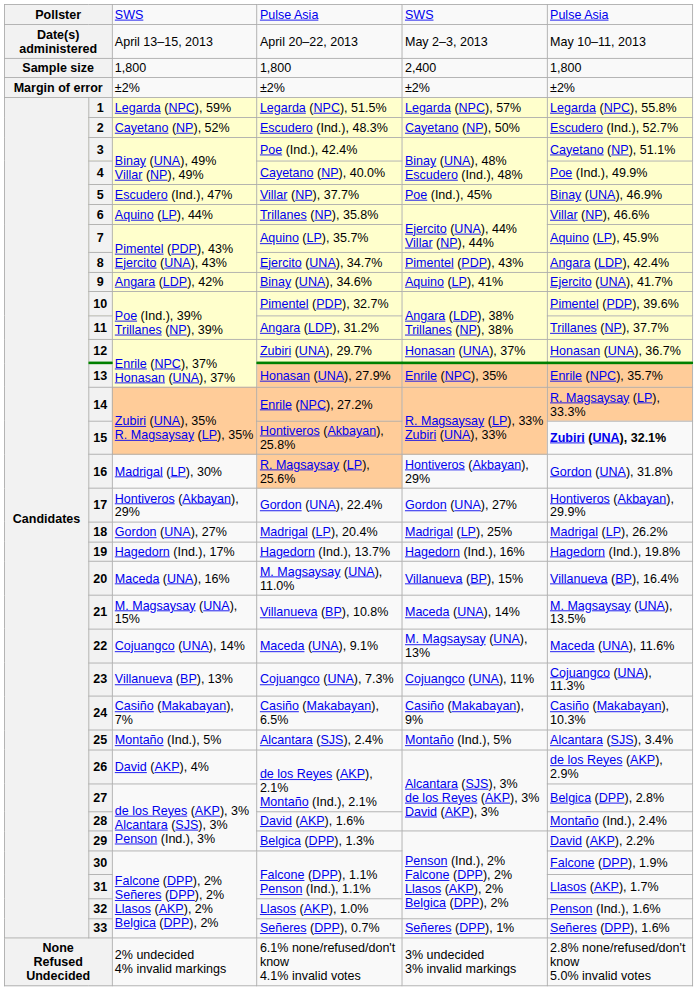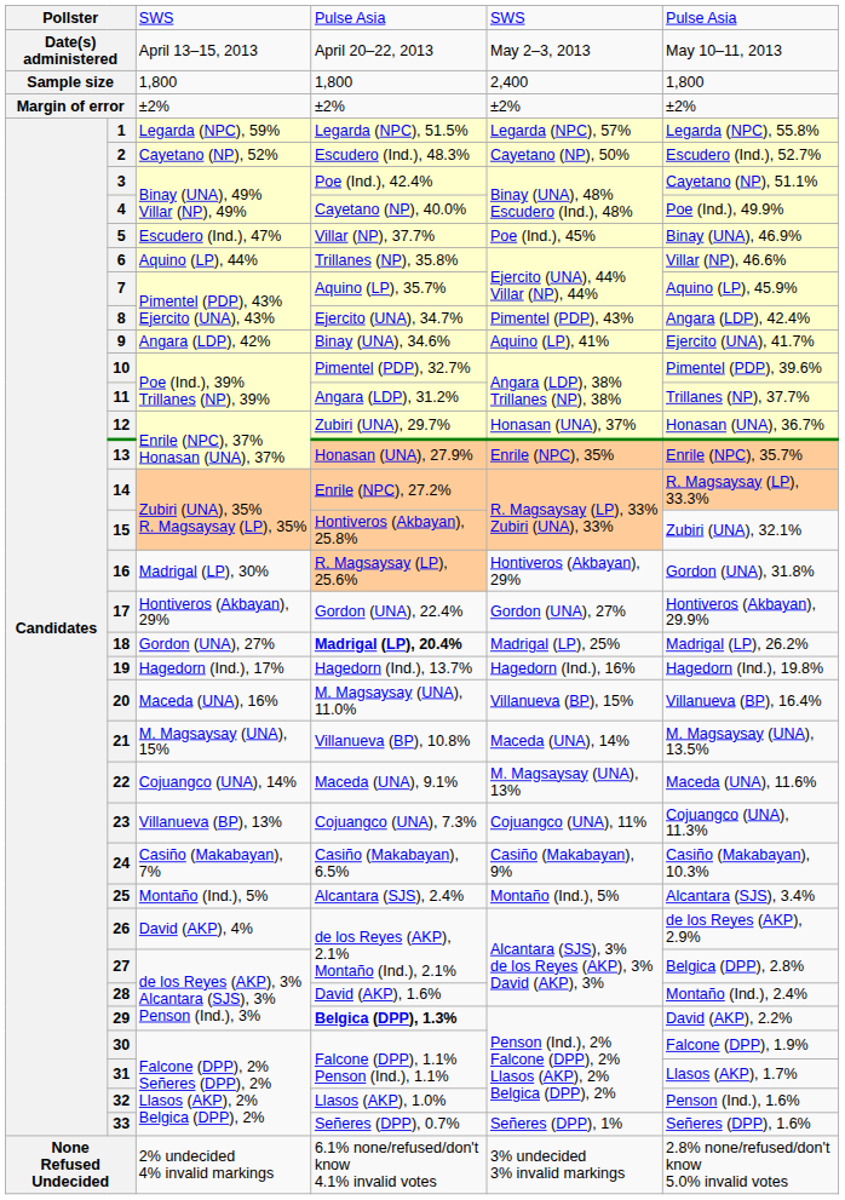 <table class=wikitable style="font-size:90%;">
 <tr>
 <th colspan=2>Pollster</th>
 <td width=160px><a href='#'>SWS</a></td>
 <td width=160px><a href='#'>Pulse Asia</a></td>
 <td width=160px><a href='#'>SWS</a></td>
 <td width=160px><a href='#'>Pulse Asia</a></td>
 </tr>
 <tr>
 <th colspan=2>Date(s) administered</th>
 <td>April 13–15, 2013</td>
 <td>April 20–22, 2013</td>
 <td>May 2–3, 2013</td>
 <td>May 10–11, 2013</td>
 </tr>
 <tr>
 <th colspan=2>Sample size</th>
 <td>1,800</td>
 <td>1,800</td>
 <td>2,400</td>
 <td>1,800</td>
 </tr>
 <tr>
 <th colspan=2>Margin of error</th>
 <td>±2%</td>
 <td>±2%</td>
 <td>±2%</td>
 <td>±2%</td>
 </tr>
 <tr bgcolor=#FFFFCC>
 <th width=90px rowspan=33>Candidates</th>
 <th width=20px>1</th>
 <td> <a href='#'>Legarda</a> (<a href='#'>NPC</a>), 59%</td>
 <td> <a href='#'>Legarda</a> (<a href='#'>NPC</a>), 51.5%</td>
 <td> <a href='#'>Legarda</a> (<a href='#'>NPC</a>), 57%</td>
 <td> <a href='#'>Legarda</a> (<a href='#'>NPC</a>), 55.8%</td>
 </tr>
 <tr bgcolor=#FFFFCC>
 <th>2</th>
 <td> <a href='#'>Cayetano</a> (<a href='#'>NP</a>), 52%</td>
 <td> <a href='#'>Escudero</a> (Ind.), 48.3%</td>
 <td> <a href='#'>Cayetano</a> (<a href='#'>NP</a>), 50%</td>
 <td> <a href='#'>Escudero</a> (Ind.), 52.7%</td>
 </tr>
 <tr bgcolor=#FFFFCC>
 <th>3</th>
 <td rowspan=2><br> <a href='#'>Binay</a> (<a href='#'>UNA</a>), 49%<br>  <a href='#'>Villar</a> (<a href='#'>NP</a>), 49%</td>
 <td> <a href='#'>Poe</a> (Ind.), 42.4%</td>
 <td rowspan=2><br> <a href='#'>Binay</a> (<a href='#'>UNA</a>), 48%<br>  <a href='#'>Escudero</a> (Ind.), 48%</td>
 <td> <a href='#'>Cayetano</a> (<a href='#'>NP</a>), 51.1%</td>
 </tr>
 <tr bgcolor=#FFFFCC>
 <th>4</th>
 <td> <a href='#'>Cayetano</a> (<a href='#'>NP</a>), 40.0%</td>
 <td> <a href='#'>Poe</a> (Ind.), 49.9%</td>
 </tr>
 <tr bgcolor=#FFFFCC>
 <th>5</th>
 <td> <a href='#'>Escudero</a> (Ind.), 47%</td>
 <td> <a href='#'>Villar</a> (<a href='#'>NP</a>), 37.7%</td>
 <td> <a href='#'>Poe</a> (Ind.), 45%</td>
 <td> <a href='#'>Binay</a> (<a href='#'>UNA</a>), 46.9%</td>
 </tr>
 <tr bgcolor=#FFFFCC>
 <th>6</th>
 <td> <a href='#'>Aquino</a> (<a href='#'>LP</a>), 44%</td>
 <td> <a href='#'>Trillanes</a> (<a href='#'>NP</a>), 35.8%</td>
 <td rowspan=2><br> <a href='#'>Ejercito</a> (<a href='#'>UNA</a>), 44%<br>  <a href='#'>Villar</a> (<a href='#'>NP</a>), 44%</td>
 <td> <a href='#'>Villar</a> (<a href='#'>NP</a>), 46.6%</td>
 </tr>
 <tr bgcolor=#FFFFCC>
 <th>7</th>
 <td rowspan=2><br> <a href='#'>Pimentel</a> (<a href='#'>PDP</a>), 43%<br>  <a href='#'>Ejercito</a> (<a href='#'>UNA</a>), 43%<br></td>
 <td> <a href='#'>Aquino</a> (<a href='#'>LP</a>), 35.7%</td>
 <td> <a href='#'>Aquino</a> (<a href='#'>LP</a>), 45.9%</td>
 </tr>
 <tr bgcolor=#FFFFCC>
 <th>8</th>
 <td> <a href='#'>Ejercito</a> (<a href='#'>UNA</a>), 34.7%</td>
 <td> <a href='#'>Pimentel</a> (<a href='#'>PDP</a>), 43%</td>
 <td> <a href='#'>Angara</a> (<a href='#'>LDP</a>), 42.4%</td>
 </tr>
 <tr bgcolor=#FFFFCC>
 <th>9</th>
 <td> <a href='#'>Angara</a> (<a href='#'>LDP</a>), 42%</td>
 <td> <a href='#'>Binay</a> (<a href='#'>UNA</a>), 34.6%</td>
 <td> <a href='#'>Aquino</a> (<a href='#'>LP</a>), 41%</td>
 <td> <a href='#'>Ejercito</a> (<a href='#'>UNA</a>), 41.7%</td>
 </tr>
 <tr bgcolor=#FFFFCC>
 <th>10</th>
 <td rowspan=2><br> <a href='#'>Poe</a> (Ind.), 39%<br>  <a href='#'>Trillanes</a> (<a href='#'>NP</a>), 39%</td>
 <td> <a href='#'>Pimentel</a> (<a href='#'>PDP</a>), 32.7%</td>
 <td rowspan=2><br> <a href='#'>Angara</a> (<a href='#'>LDP</a>), 38%<br>  <a href='#'>Trillanes</a> (<a href='#'>NP</a>), 38%</td>
 <td> <a href='#'>Pimentel</a> (<a href='#'>PDP</a>), 39.6%</td>
 </tr>
 <tr bgcolor=#FFFFCC>
 <th>11</th>
 <td> <a href='#'>Angara</a> (<a href='#'>LDP</a>), 31.2%</td>
 <td> <a href='#'>Trillanes</a> (<a href='#'>NP</a>), 37.7%</td>
 </tr>
 <tr bgcolor=#FFFFCC>
 <th>12</th>
 <td rowspan=2><br> <a href='#'>Enrile</a> (<a href='#'>NPC</a>), 37%<br>  <a href='#'>Honasan</a> (<a href='#'>UNA</a>), 37%</td>
 <td> <a href='#'>Zubiri</a> (<a href='#'>UNA</a>), 29.7%</td>
 <td> <a href='#'>Honasan</a> (<a href='#'>UNA</a>), 37%</td>
 <td> <a href='#'>Honasan</a> (<a href='#'>UNA</a>), 36.7%</td>
 </tr>
 <tr style="border-top:3px solid green;">
 <th>13</th>
 <td bgcolor=#ffcc99> <a href='#'>Honasan</a> (<a href='#'>UNA</a>), 27.9%</td>
 <td bgcolor=#ffcc99> <a href='#'>Enrile</a> (<a href='#'>NPC</a>), 35%</td>
 <td bgcolor=#ffcc99> <a href='#'>Enrile</a> (<a href='#'>NPC</a>), 35.7%</td>
 </tr>
 <tr>
 <th>14</th>
 <td bgcolor=#ffcc99 rowspan=2><br> <a href='#'>Zubiri</a> (<a href='#'>UNA</a>), 35%<br>  <a href='#'>R. Magsaysay</a> (<a href='#'>LP</a>), 35%</td>
 <td bgcolor=#ffcc99> <a href='#'>Enrile</a> (<a href='#'>NPC</a>), 27.2%</td>
 <td bgcolor=#ffcc99 rowspan=2><br> <a href='#'>R. Magsaysay</a> (<a href='#'>LP</a>), 33%<br>  <a href='#'>Zubiri</a> (<a href='#'>UNA</a>), 33%</td>
 <td bgcolor=#ffcc99> <a href='#'>R. Magsaysay</a> (<a href='#'>LP</a>), 33.3%</td>
 </tr>
 <tr>
 <th>15</th>
 <td bgcolor=#ffcc99> <a href='#'>Hontiveros</a> (<a href='#'>Akbayan</a>), 25.8%</td>
-<td><strong> <a href='#'>Zubiri</a> (<a href='#'>UNA</a>), 32.1%</strong></td>
+<td> <a href='#'>Zubiri</a> (<a href='#'>UNA</a>), 32.1%</td>
 </tr>
 <tr>
 <th>16</th>
 <td> <a href='#'>Madrigal</a> (<a href='#'>LP</a>), 30%</td>
 <td bgcolor=#ffcc99> <a href='#'>R. Magsaysay</a> (<a href='#'>LP</a>), 25.6%</td>
 <td> <a href='#'>Hontiveros</a> (<a href='#'>Akbayan</a>), 29%</td>
 <td> <a href='#'>Gordon</a> (<a href='#'>UNA</a>), 31.8%</td>
 </tr>
 <tr>
 <th>17</th>
 <td> <a href='#'>Hontiveros</a> (<a href='#'>Akbayan</a>), 29%</td>
 <td> <a href='#'>Gordon</a> (<a href='#'>UNA</a>), 22.4%</td>
 <td> <a href='#'>Gordon</a> (<a href='#'>UNA</a>), 27%</td>
 <td> <a href='#'>Hontiveros</a> (<a href='#'>Akbayan</a>), 29.9%</td>
 </tr>
 <tr>
 <th>18</th>
 <td> <a href='#'>Gordon</a> (<a href='#'>UNA</a>), 27%</td>
-<td> <a href='#'>Madrigal</a> (<a href='#'>LP</a>), 20.4%</td>
+<td><strong> <a href='#'>Madrigal</a> (<a href='#'>LP</a>), 20.4%</strong></td>
 <td> <a href='#'>Madrigal</a> (<a href='#'>LP</a>), 25%</td>
 <td> <a href='#'>Madrigal</a> (<a href='#'>LP</a>), 26.2%</td>
 </tr>
 <tr>
 <th>19</th>
 <td> <a href='#'>Hagedorn</a> (Ind.), 17%</td>
 <td> <a href='#'>Hagedorn</a> (Ind.), 13.7%</td>
 <td> <a href='#'>Hagedorn</a> (Ind.), 16%</td>
 <td> <a href='#'>Hagedorn</a> (Ind.), 19.8%</td>
 </tr>
 <tr>
 <th>20</th>
 <td> <a href='#'>Maceda</a> (<a href='#'>UNA</a>), 16%</td>
 <td> <a href='#'>M. Magsaysay</a> (<a href='#'>UNA</a>), 11.0%</td>
 <td> <a href='#'>Villanueva</a> (<a href='#'>BP</a>), 15%</td>
 <td> <a href='#'>Villanueva</a> (<a href='#'>BP</a>), 16.4%</td>
 </tr>
 <tr>
 <th>21</th>
 <td> <a href='#'>M. Magsaysay</a> (<a href='#'>UNA</a>), 15%</td>
 <td> <a href='#'>Villanueva</a> (<a href='#'>BP</a>), 10.8%</td>
 <td> <a href='#'>Maceda</a> (<a href='#'>UNA</a>), 14%</td>
 <td> <a href='#'>M. Magsaysay</a> (<a href='#'>UNA</a>), 13.5%</td>
 </tr>
 <tr>
 <th>22</th>
 <td> <a href='#'>Cojuangco</a> (<a href='#'>UNA</a>), 14%</td>
 <td> <a href='#'>Maceda</a> (<a href='#'>UNA</a>), 9.1%</td>
 <td> <a href='#'>M. Magsaysay</a> (<a href='#'>UNA</a>), 13%</td>
 <td> <a href='#'>Maceda</a> (<a href='#'>UNA</a>), 11.6%</td>
 </tr>
 <tr>
 <th>23</th>
 <td> <a href='#'>Villanueva</a> (<a href='#'>BP</a>), 13%</td>
 <td> <a href='#'>Cojuangco</a> (<a href='#'>UNA</a>), 7.3%</td>
 <td> <a href='#'>Cojuangco</a> (<a href='#'>UNA</a>), 11%</td>
 <td> <a href='#'>Cojuangco</a> (<a href='#'>UNA</a>), 11.3%</td>
 </tr>
 <tr>
 <th>24</th>
 <td> <a href='#'>Casiño</a>  (<a href='#'>Makabayan</a>), 7%</td>
 <td> <a href='#'>Casiño</a>  (<a href='#'>Makabayan</a>), 6.5%</td>
 <td> <a href='#'>Casiño</a>  (<a href='#'>Makabayan</a>), 9%</td>
 <td> <a href='#'>Casiño</a>  (<a href='#'>Makabayan</a>), 10.3%</td>
 </tr>
 <tr>
 <th>25</th>
 <td> <a href='#'>Montaño</a> (Ind.), 5%</td>
 <td><a href='#'>Alcantara</a> (<a href='#'>SJS</a>), 2.4%</td>
 <td> <a href='#'>Montaño</a> (Ind.), 5%</td>
 <td><a href='#'>Alcantara</a> (<a href='#'>SJS</a>), 3.4%</td>
 </tr>
 <tr>
 <th>26</th>
 <td> <a href='#'>David</a> (<a href='#'>AKP</a>), 4%</td>
 <td rowspan=2><br> <a href='#'>de los Reyes</a> (<a href='#'>AKP</a>), 2.1%<br>  <a href='#'>Montaño</a> (Ind.), 2.1%</td>
 <td rowspan=3><br><a href='#'>Alcantara</a> (<a href='#'>SJS</a>), 3%<br>  <a href='#'>de los Reyes</a> (<a href='#'>AKP</a>), 3%<br>  <a href='#'>David</a> (<a href='#'>AKP</a>), 3%</td>
 <td> <a href='#'>de los Reyes</a> (<a href='#'>AKP</a>), 2.9%</td>
 </tr>
 <tr>
 <th>27</th>
 <td rowspan=3><br> <a href='#'>de los Reyes</a> (<a href='#'>AKP</a>), 3%<br> <a href='#'>Alcantara</a> (<a href='#'>SJS</a>), 3%<br>  <a href='#'>Penson</a> (Ind.), 3%</td>
 <td> <a href='#'>Belgica</a> (<a href='#'>DPP</a>), 2.8%</td>
 </tr>
 <tr>
 <th>28</th>
 <td> <a href='#'>David</a> (<a href='#'>AKP</a>), 1.6%</td>
 <td> <a href='#'>Montaño</a> (Ind.), 2.4%</td>
 </tr>
 <tr>
 <th>29</th>
-<td> <a href='#'>Belgica</a> (<a href='#'>DPP</a>), 1.3%</td>
+<td><strong> <a href='#'>Belgica</a> (<a href='#'>DPP</a>), 1.3%</strong></td>
 <td rowspan=4><br> <a href='#'>Penson</a> (Ind.), 2%<br>  <a href='#'>Falcone</a> (<a href='#'>DPP</a>), 2%<br>  <a href='#'>Llasos</a> (<a href='#'>AKP</a>), 2%<br>  <a href='#'>Belgica</a> (<a href='#'>DPP</a>), 2%</td>
 <td> <a href='#'>David</a> (<a href='#'>AKP</a>), 2.2%</td>
 </tr>
 <tr>
 <th>30</th>
 <td rowspan=4><br> <a href='#'>Falcone</a> (<a href='#'>DPP</a>), 2%<br>  <a href='#'>Señeres</a> (<a href='#'>DPP</a>), 2%<br>  <a href='#'>Llasos</a> (<a href='#'>AKP</a>), 2%<br>  <a href='#'>Belgica</a> (<a href='#'>DPP</a>), 2%</td>
 <td rowspan=2><br> <a href='#'>Falcone</a> (<a href='#'>DPP</a>), 1.1%<br>  <a href='#'>Penson</a> (Ind.), 1.1%</td>
 <td> <a href='#'>Falcone</a> (<a href='#'>DPP</a>), 1.9%</td>
 </tr>
 <tr>
 <th>31</th>
 <td> <a href='#'>Llasos</a> (<a href='#'>AKP</a>), 1.7%</td>
 </tr>
 <tr>
 <th>32</th>
 <td> <a href='#'>Llasos</a> (<a href='#'>AKP</a>), 1.0%</td>
 <td> <a href='#'>Penson</a> (Ind.), 1.6%</td>
 </tr>
 <tr>
 <th>33</th>
 <td> <a href='#'>Señeres</a> (<a href='#'>DPP</a>), 0.7%</td>
 <td> <a href='#'>Señeres</a> (<a href='#'>DPP</a>), 1%</td>
 <td> <a href='#'>Señeres</a> (<a href='#'>DPP</a>), 1.6%</td>
 </tr>
 <tr>
 <th colspan=2>None<br>Refused<br>Undecided</th>
 <td>2% undecided<br>4% invalid markings</td>
 <td>6.1% none/refused/don't know<br>4.1% invalid votes</td>
 <td>3% undecided<br>3% invalid markings</td>
 <td>2.8% none/refused/don't know<br>5.0% invalid votes</td>
 </tr>
 </table>
